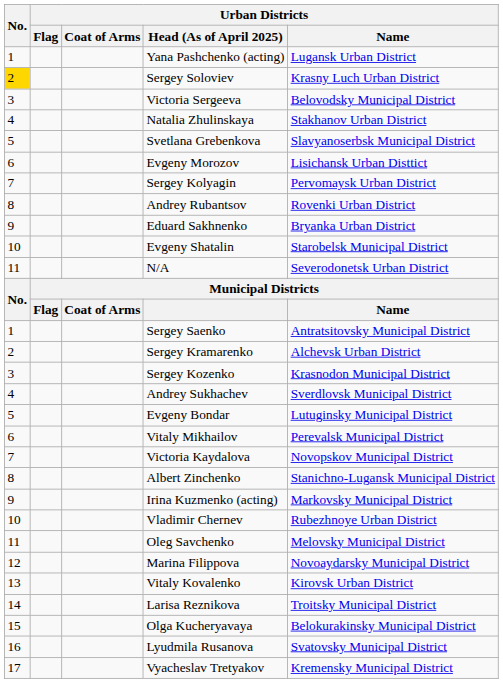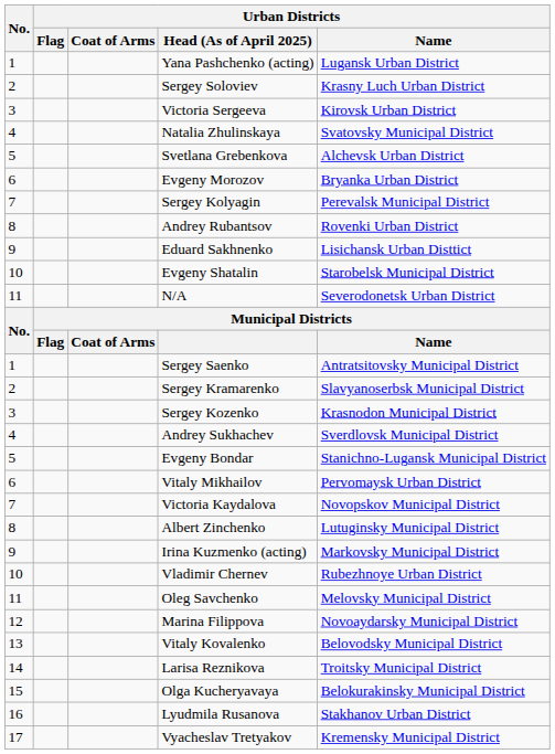 <table class="wikitable mw-collapsible mw-collapsed">
 <tr>
 <th rowspan="2">No.</th>
 <th colspan="4">Urban Districts</th>
 </tr>
 <tr>
 <th>Flag</th>
 <th>Coat of Arms</th>
 <th>Head (As of April 2025)</th>
 <th>Name</th>
 </tr>
 <tr>
 <td>1</td>
 <td></td>
 <td></td>
 <td>Yana Pashchenko (acting)</td>
 <td><a href='#'>Lugansk Urban District</a></td>
 </tr>
 <tr>
-<td style="background: gold;">2</td>
+<td>2</td>
 <td></td>
 <td></td>
 <td>Sergey Soloviev</td>
 <td><a href='#'>Krasny Luch Urban District</a></td>
 </tr>
 <tr>
 <td>3</td>
 <td></td>
 <td></td>
 <td>Victoria Sergeeva</td>
-<td><a href='#'>Belovodsky Municipal District</a></td>
+<td><a href='#'>Kirovsk Urban District</a></td>
 </tr>
 <tr>
 <td>4</td>
 <td></td>
 <td></td>
 <td>Natalia Zhulinskaya</td>
-<td><a href='#'>Stakhanov Urban District</a></td>
+<td><a href='#'>Svatovsky Municipal District</a></td>
 </tr>
 <tr>
 <td>5</td>
 <td></td>
 <td></td>
 <td>Svetlana Grebenkova</td>
-<td><a href='#'>Slavyanoserbsk Municipal District</a></td>
+<td><a href='#'>Alchevsk Urban District</a></td>
 </tr>
 <tr>
 <td>6</td>
 <td></td>
 <td></td>
 <td>Evgeny Morozov</td>
-<td><a href='#'>Lisichansk Urban Disttict</a></td>
+<td><a href='#'>Bryanka Urban District</a></td>
 </tr>
 <tr>
 <td>7</td>
 <td></td>
 <td></td>
 <td>Sergey Kolyagin</td>
-<td><a href='#'>Pervomaysk Urban District</a></td>
+<td><a href='#'>Perevalsk Municipal District</a></td>
 </tr>
 <tr>
 <td>8</td>
 <td></td>
 <td></td>
 <td>Andrey Rubantsov</td>
 <td><a href='#'>Rovenki Urban District</a></td>
 </tr>
 <tr>
 <td>9</td>
 <td></td>
 <td></td>
 <td>Eduard Sakhnenko</td>
-<td><a href='#'>Bryanka Urban District</a></td>
+<td><a href='#'>Lisichansk Urban Disttict</a></td>
 </tr>
 <tr>
 <td>10</td>
 <td></td>
 <td></td>
 <td>Evgeny Shatalin</td>
 <td><a href='#'>Starobelsk Municipal District</a></td>
 </tr>
 <tr>
 <td>11</td>
 <td></td>
 <td></td>
 <td>N/A</td>
 <td><a href='#'>Severodonetsk Urban District</a></td>
 </tr>
 <tr>
 <th rowspan="2">No.</th>
 <th colspan="4">Municipal Districts</th>
 </tr>
 <tr>
 <th>Flag</th>
 <th>Coat of Arms</th>
 <th></th>
 <th>Name</th>
 </tr>
 <tr>
 <td>1</td>
 <td></td>
 <td></td>
 <td>Sergey Saenko</td>
 <td><a href='#'>Antratsitovsky Municipal District</a></td>
 </tr>
 <tr>
 <td>2</td>
 <td></td>
 <td></td>
 <td>Sergey Kramarenko</td>
-<td><a href='#'>Alchevsk Urban District</a></td>
+<td><a href='#'>Slavyanoserbsk Municipal District</a></td>
 </tr>
 <tr>
 <td>3</td>
 <td></td>
 <td></td>
 <td>Sergey Kozenko</td>
 <td><a href='#'>Krasnodon Municipal District</a></td>
 </tr>
 <tr>
 <td>4</td>
 <td></td>
 <td></td>
 <td>Andrey Sukhachev</td>
 <td><a href='#'>Sverdlovsk Municipal District</a></td>
 </tr>
 <tr>
 <td>5</td>
 <td></td>
 <td></td>
 <td>Evgeny Bondar</td>
-<td><a href='#'>Lutuginsky Municipal District</a></td>
+<td><a href='#'>Stanichno-Lugansk Municipal District</a></td>
 </tr>
 <tr>
 <td>6</td>
 <td></td>
 <td></td>
 <td>Vitaly Mikhailov</td>
-<td><a href='#'>Perevalsk Municipal District</a></td>
+<td><a href='#'>Pervomaysk Urban District</a></td>
 </tr>
 <tr>
 <td>7</td>
 <td></td>
 <td></td>
 <td>Victoria Kaydalova</td>
 <td><a href='#'>Novopskov Municipal District</a></td>
 </tr>
 <tr>
 <td>8</td>
 <td></td>
 <td></td>
 <td>Albert Zinchenko</td>
-<td><a href='#'>Stanichno-Lugansk Municipal District</a></td>
+<td><a href='#'>Lutuginsky Municipal District</a></td>
 </tr>
 <tr>
 <td>9</td>
 <td></td>
 <td></td>
 <td>Irina Kuzmenko (acting)</td>
 <td><a href='#'>Markovsky Municipal District</a></td>
 </tr>
 <tr>
 <td>10</td>
 <td></td>
 <td></td>
 <td>Vladimir Chernev</td>
 <td><a href='#'>Rubezhnoye Urban District</a></td>
 </tr>
 <tr>
 <td>11</td>
 <td></td>
 <td></td>
 <td>Oleg Savchenko</td>
 <td><a href='#'>Melovsky Municipal District</a></td>
 </tr>
 <tr>
 <td>12</td>
 <td></td>
 <td></td>
 <td>Marina Filippova</td>
 <td><a href='#'>Novoaydarsky Municipal District</a></td>
 </tr>
 <tr>
 <td>13</td>
 <td></td>
 <td></td>
 <td>Vitaly Kovalenko</td>
-<td><a href='#'>Kirovsk Urban District</a></td>
+<td><a href='#'>Belovodsky Municipal District</a></td>
 </tr>
 <tr>
 <td>14</td>
 <td></td>
 <td></td>
 <td>Larisa Reznikova</td>
 <td><a href='#'>Troitsky Municipal District</a></td>
 </tr>
 <tr>
 <td>15</td>
 <td></td>
 <td></td>
 <td>Olga Kucheryavaya</td>
 <td><a href='#'>Belokurakinsky Municipal District</a></td>
 </tr>
 <tr>
 <td>16</td>
 <td></td>
 <td></td>
 <td>Lyudmila Rusanova</td>
-<td><a href='#'>Svatovsky Municipal District</a></td>
+<td><a href='#'>Stakhanov Urban District</a></td>
 </tr>
 <tr>
 <td>17</td>
 <td></td>
 <td></td>
 <td>Vyacheslav Tretyakov</td>
 <td><a href='#'>Kremensky Municipal District</a></td>
 </tr>
 </table>
